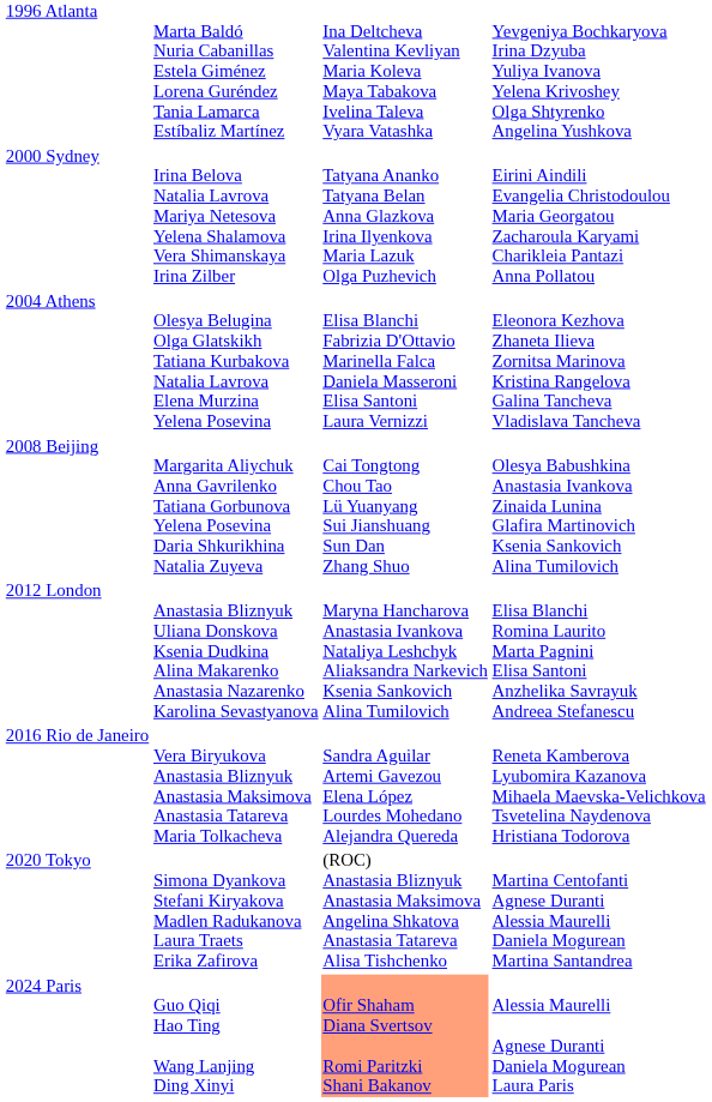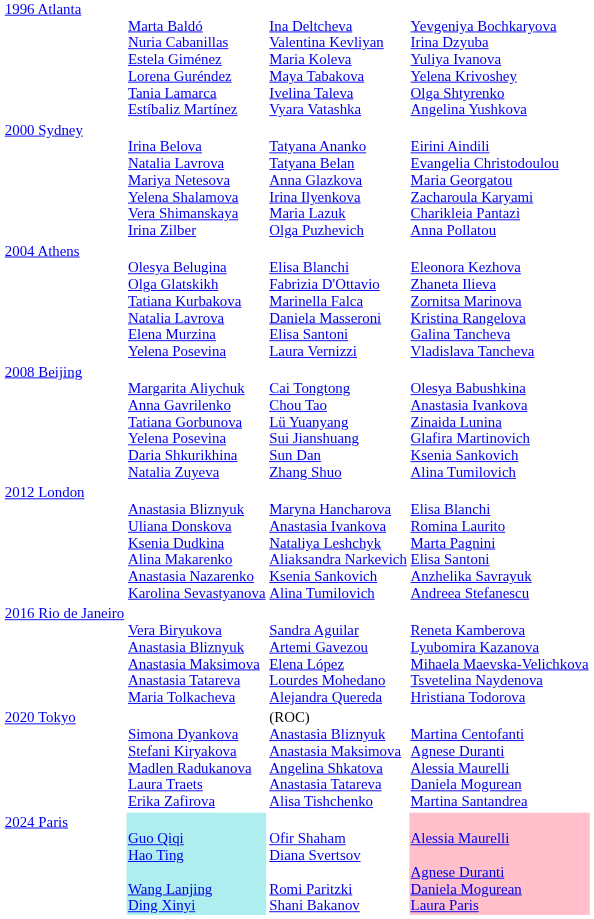 <table>
 <tr valign="top">
 <td><a href='#'>1996 Atlanta</a><br></td>
 <td><br><a href='#'>Marta Baldó</a><br><a href='#'>Nuria Cabanillas</a><br><a href='#'>Estela Giménez</a><br><a href='#'>Lorena Guréndez</a><br><a href='#'>Tania Lamarca</a><br><a href='#'>Estíbaliz Martínez</a></td>
 <td><br><a href='#'>Ina Deltcheva</a><br><a href='#'>Valentina Kevliyan</a><br><a href='#'>Maria Koleva</a><br><a href='#'>Maya Tabakova</a><br><a href='#'>Ivelina Taleva</a><br><a href='#'>Vyara Vatashka</a></td>
 <td><br><a href='#'>Yevgeniya Bochkaryova</a><br><a href='#'>Irina Dzyuba</a><br><a href='#'>Yuliya Ivanova</a><br><a href='#'>Yelena Krivoshey</a><br><a href='#'>Olga Shtyrenko</a><br><a href='#'>Angelina Yushkova</a></td>
 </tr>
 <tr valign="top">
 <td><a href='#'>2000 Sydney</a><br></td>
 <td><br><a href='#'>Irina Belova</a><br><a href='#'>Natalia Lavrova</a><br><a href='#'>Mariya Netesova</a><br><a href='#'>Yelena Shalamova</a><br><a href='#'>Vera Shimanskaya</a><br><a href='#'>Irina Zilber</a></td>
 <td><br><a href='#'>Tatyana Ananko</a><br><a href='#'>Tatyana Belan</a><br><a href='#'>Anna Glazkova</a><br><a href='#'>Irina Ilyenkova</a><br><a href='#'>Maria Lazuk</a><br><a href='#'>Olga Puzhevich</a></td>
 <td><br><a href='#'>Eirini Aindili</a><br><a href='#'>Evangelia Christodoulou</a><br><a href='#'>Maria Georgatou</a><br><a href='#'>Zacharoula Karyami</a><br><a href='#'>Charikleia Pantazi</a><br><a href='#'>Anna Pollatou</a></td>
 </tr>
 <tr valign="top">
 <td><a href='#'>2004 Athens</a><br></td>
 <td><br><a href='#'>Olesya Belugina</a><br><a href='#'>Olga Glatskikh</a><br><a href='#'>Tatiana Kurbakova</a><br><a href='#'>Natalia Lavrova</a><br><a href='#'>Elena Murzina</a><br><a href='#'>Yelena Posevina</a></td>
 <td><br><a href='#'>Elisa Blanchi</a><br><a href='#'>Fabrizia D'Ottavio</a><br><a href='#'>Marinella Falca</a><br><a href='#'>Daniela Masseroni</a><br><a href='#'>Elisa Santoni</a><br><a href='#'>Laura Vernizzi</a></td>
 <td><br><a href='#'>Eleonora Kezhova</a><br><a href='#'>Zhaneta Ilieva</a><br><a href='#'>Zornitsa Marinova</a><br><a href='#'>Kristina Rangelova</a><br><a href='#'>Galina Tancheva</a><br><a href='#'>Vladislava Tancheva</a></td>
 </tr>
 <tr valign="top">
 <td><a href='#'>2008 Beijing</a><br></td>
 <td><br><a href='#'>Margarita Aliychuk</a><br><a href='#'>Anna Gavrilenko</a><br><a href='#'>Tatiana Gorbunova</a><br><a href='#'>Yelena Posevina</a><br><a href='#'>Daria Shkurikhina</a><br><a href='#'>Natalia Zuyeva</a></td>
 <td><br><a href='#'>Cai Tongtong</a><br><a href='#'>Chou Tao</a><br><a href='#'>Lü Yuanyang</a><br><a href='#'>Sui Jianshuang</a><br><a href='#'>Sun Dan</a><br><a href='#'>Zhang Shuo</a></td>
 <td><br><a href='#'>Olesya Babushkina</a><br><a href='#'>Anastasia Ivankova</a><br><a href='#'>Zinaida Lunina</a><br><a href='#'>Glafira Martinovich</a><br><a href='#'>Ksenia Sankovich</a><br><a href='#'>Alina Tumilovich</a></td>
 </tr>
 <tr valign="top">
 <td><a href='#'>2012 London</a><br></td>
 <td><br><a href='#'>Anastasia Bliznyuk</a><br><a href='#'>Uliana Donskova</a><br><a href='#'>Ksenia Dudkina</a><br><a href='#'>Alina Makarenko</a><br><a href='#'>Anastasia Nazarenko</a><br><a href='#'>Karolina Sevastyanova</a></td>
 <td><br><a href='#'>Maryna Hancharova</a><br><a href='#'>Anastasia Ivankova</a><br><a href='#'>Nataliya Leshchyk</a><br> <a href='#'>Aliaksandra Narkevich</a><br><a href='#'>Ksenia Sankovich</a><br><a href='#'>Alina Tumilovich</a></td>
 <td><br><a href='#'>Elisa Blanchi</a><br><a href='#'>Romina Laurito</a><br><a href='#'>Marta Pagnini</a><br><a href='#'>Elisa Santoni</a><br><a href='#'>Anzhelika Savrayuk</a><br><a href='#'>Andreea Stefanescu</a></td>
 </tr>
 <tr valign="top">
 <td><a href='#'>2016 Rio de Janeiro</a><br></td>
 <td><br><a href='#'>Vera Biryukova</a><br><a href='#'>Anastasia Bliznyuk</a><br><a href='#'>Anastasia Maksimova</a><br><a href='#'>Anastasia Tatareva</a><br><a href='#'>Maria Tolkacheva</a></td>
 <td><br><a href='#'>Sandra Aguilar</a><br><a href='#'>Artemi Gavezou</a><br><a href='#'>Elena López</a><br><a href='#'>Lourdes Mohedano</a><br><a href='#'>Alejandra Quereda</a></td>
 <td><br><a href='#'>Reneta Kamberova</a><br><a href='#'>Lyubomira Kazanova</a><br><a href='#'>Mihaela Maevska-Velichkova</a><br><a href='#'>Tsvetelina Naydenova</a><br><a href='#'>Hristiana Todorova</a></td>
 </tr>
 <tr valign="top">
 <td><a href='#'>2020 Tokyo</a><br></td>
 <td><br><a href='#'>Simona Dyankova</a><br><a href='#'>Stefani Kiryakova</a><br><a href='#'>Madlen Radukanova</a><br><a href='#'>Laura Traets</a><br><a href='#'>Erika Zafirova</a></td>
 <td> (ROC)<br><a href='#'>Anastasia Bliznyuk</a><br><a href='#'>Anastasia Maksimova</a><br><a href='#'>Angelina Shkatova</a><br><a href='#'>Anastasia Tatareva</a><br><a href='#'>Alisa Tishchenko</a></td>
 <td><br><a href='#'>Martina Centofanti</a><br><a href='#'>Agnese Duranti</a><br><a href='#'>Alessia Maurelli</a><br><a href='#'>Daniela Mogurean</a><br><a href='#'>Martina Santandrea</a></td>
 </tr>
 <tr valign="top">
 <td><a href='#'>2024 Paris</a><br></td>
-<td><br><a href='#'>Guo Qiqi</a><br><a href='#'>Hao Ting</a><br><br><a href='#'>Wang Lanjing</a><br><a href='#'>Ding Xinyi</a></td>
-<td style="background: lightsalmon;"><br><a href='#'>Ofir Shaham</a><br><a href='#'>Diana Svertsov</a><br><br><a href='#'>Romi Paritzki</a><br><a href='#'>Shani Bakanov</a></td>
-<td><br><a href='#'>Alessia Maurelli</a><br><br><a href='#'>Agnese Duranti</a><br><a href='#'>Daniela Mogurean</a><br><a href='#'>Laura Paris</a></td>
+<td style="background: paleturquoise;"><br><a href='#'>Guo Qiqi</a><br><a href='#'>Hao Ting</a><br><br><a href='#'>Wang Lanjing</a><br><a href='#'>Ding Xinyi</a></td>
+<td><br><a href='#'>Ofir Shaham</a><br><a href='#'>Diana Svertsov</a><br><br><a href='#'>Romi Paritzki</a><br><a href='#'>Shani Bakanov</a></td>
+<td style="background: pink;"><br><a href='#'>Alessia Maurelli</a><br><br><a href='#'>Agnese Duranti</a><br><a href='#'>Daniela Mogurean</a><br><a href='#'>Laura Paris</a></td>
 </tr>
 <tr>
 </tr>
 </table>
